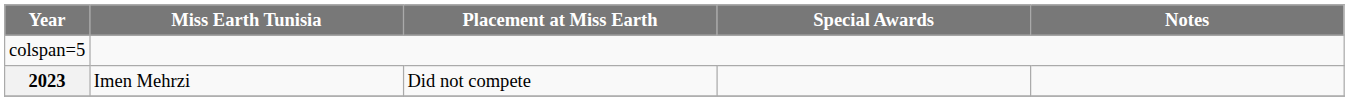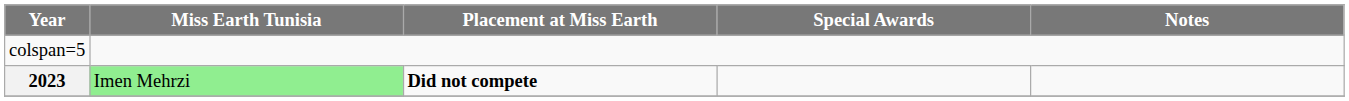 <table class="wikitable " style="font-size: 95%;">
 <tr>
 <th width="60" style="background-color:#787878;color:#FFFFFF;">Year</th>
 <th width="250" style="background-color:#787878;color:#FFFFFF;">Miss Earth Tunisia</th>
 <th width="250" style="background-color:#787878;color:#FFFFFF;">Placement at Miss Earth</th>
 <th width="250" style="background-color:#787878;color:#FFFFFF;">Special Awards</th>
 <th width="250" style="background-color:#787878;color:#FFFFFF;">Notes</th>
 </tr>
 <tr>
 <td>colspan=5 </td>
 </tr>
 <tr>
 <th>2023</th>
-<td>Imen Mehrzi</td>
-<td>Did not compete</td>
+<td style="background: lightgreen;">Imen Mehrzi</td>
+<td><strong>Did not compete</strong></td>
 <td></td>
 <td></td>
 </tr>
 <tr>
 </tr>
 </table>
